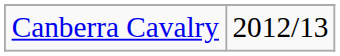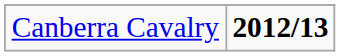 <table class="wikitable">
 <tr ! Team !! Championship years>
 </tr>
 <tr>
 <td><a href='#'>Canberra Cavalry</a></td>
-<td>2012/13</td>
+<td><strong>2012/13</strong></td>
 </tr>
 </table>
